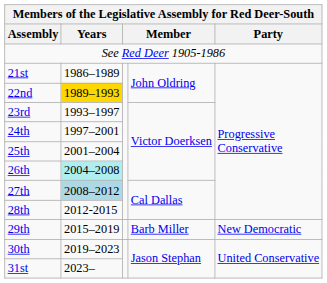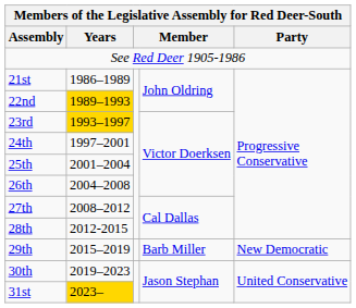 <table class="wikitable" align=right>
 <tr>
 <th colspan=5>Members of the Legislative Assembly for Red Deer-South</th>
 </tr>
 <tr>
 <th>Assembly</th>
 <th>Years</th>
 <th colspan=2>Member</th>
 <th>Party</th>
 </tr>
 <tr>
 <td align="center" colspan=5><em>See <a href='#'>Red Deer</a> 1905-1986</em></td>
 </tr>
 <tr>
 <td><a href='#'>21st</a></td>
 <td>1986–1989</td>
 <td rowspan=8 ></td>
 <td rowspan=2><a href='#'>John Oldring</a></td>
 <td rowspan=8><a href='#'>Progressive<br>Conservative</a></td>
 </tr>
 <tr>
 <td><a href='#'>22nd</a></td>
 <td style="background: gold;">1989–1993</td>
 </tr>
 <tr>
 <td><a href='#'>23rd</a></td>
-<td>1993–1997</td>
+<td style="background: gold;">1993–1997</td>
 <td rowspan=4><a href='#'>Victor Doerksen</a></td>
 </tr>
 <tr>
 <td><a href='#'>24th</a></td>
 <td>1997–2001</td>
 </tr>
 <tr>
 <td><a href='#'>25th</a></td>
 <td>2001–2004</td>
 </tr>
 <tr>
 <td><a href='#'>26th</a></td>
-<td style="background: paleturquoise;">2004–2008</td>
+<td>2004–2008</td>
 </tr>
 <tr>
 <td><a href='#'>27th</a></td>
-<td style="background: lightblue;">2008–2012</td>
+<td>2008–2012</td>
 <td rowspan=2><a href='#'>Cal Dallas</a></td>
 </tr>
 <tr>
 <td><a href='#'>28th</a></td>
 <td>2012-2015</td>
 </tr>
 <tr>
 <td><a href='#'>29th</a></td>
 <td>2015–2019</td>
 <td rowspan=1 ></td>
 <td><a href='#'>Barb Miller</a></td>
 <td><a href='#'>New Democratic</a></td>
 </tr>
 <tr>
 <td><a href='#'>30th</a></td>
 <td>2019–2023</td>
 <td rowspan=2 ></td>
 <td rowspan=2><a href='#'>Jason Stephan</a></td>
 <td rowspan=2><a href='#'>United Conservative</a></td>
 </tr>
 <tr>
 <td><a href='#'>31st</a></td>
-<td>2023–</td>
+<td style="background: gold;">2023–</td>
 </tr>
 </table>
